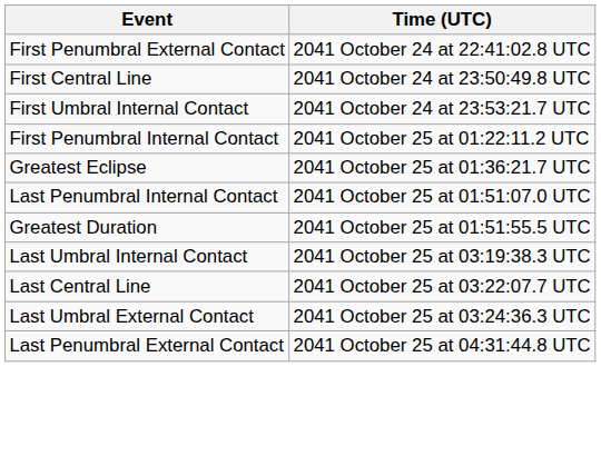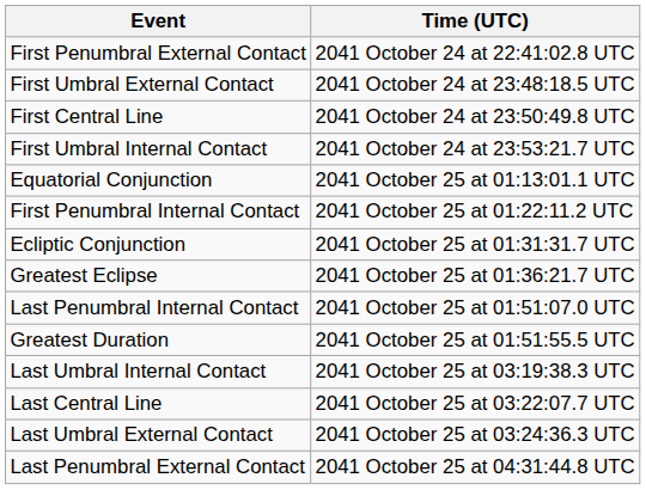 <table class="wikitable">
 <tr>
 <th>Event</th>
 <th>Time (UTC)</th>
 </tr>
 <tr>
 <td>First Penumbral External Contact</td>
 <td>2041 October 24 at 22:41:02.8 UTC</td>
 </tr>
 <tr>
+<td>First Umbral External Contact</td>
+<td>2041 October 24 at 23:48:18.5 UTC</td>
+</tr>
+<tr>
 <td>First Central Line</td>
 <td>2041 October 24 at 23:50:49.8 UTC</td>
 </tr>
 <tr>
 <td>First Umbral Internal Contact</td>
 <td>2041 October 24 at 23:53:21.7 UTC</td>
 </tr>
 <tr>
+<td>Equatorial Conjunction</td>
+<td>2041 October 25 at 01:13:01.1 UTC</td>
+</tr>
+<tr>
 <td>First Penumbral Internal Contact</td>
 <td>2041 October 25 at 01:22:11.2 UTC</td>
+</tr>
+<tr>
+<td>Ecliptic Conjunction</td>
+<td>2041 October 25 at 01:31:31.7 UTC</td>
 </tr>
 <tr>
 <td>Greatest Eclipse</td>
 <td>2041 October 25 at 01:36:21.7 UTC</td>
 </tr>
 <tr>
 <td>Last Penumbral Internal Contact</td>
 <td>2041 October 25 at 01:51:07.0 UTC</td>
 </tr>
 <tr>
 <td>Greatest Duration</td>
 <td>2041 October 25 at 01:51:55.5 UTC</td>
 </tr>
 <tr>
 <td>Last Umbral Internal Contact</td>
 <td>2041 October 25 at 03:19:38.3 UTC</td>
 </tr>
 <tr>
 <td>Last Central Line</td>
 <td>2041 October 25 at 03:22:07.7 UTC</td>
 </tr>
 <tr>
 <td>Last Umbral External Contact</td>
 <td>2041 October 25 at 03:24:36.3 UTC</td>
 </tr>
 <tr>
 <td>Last Penumbral External Contact</td>
 <td>2041 October 25 at 04:31:44.8 UTC</td>
 </tr>
 </table>
